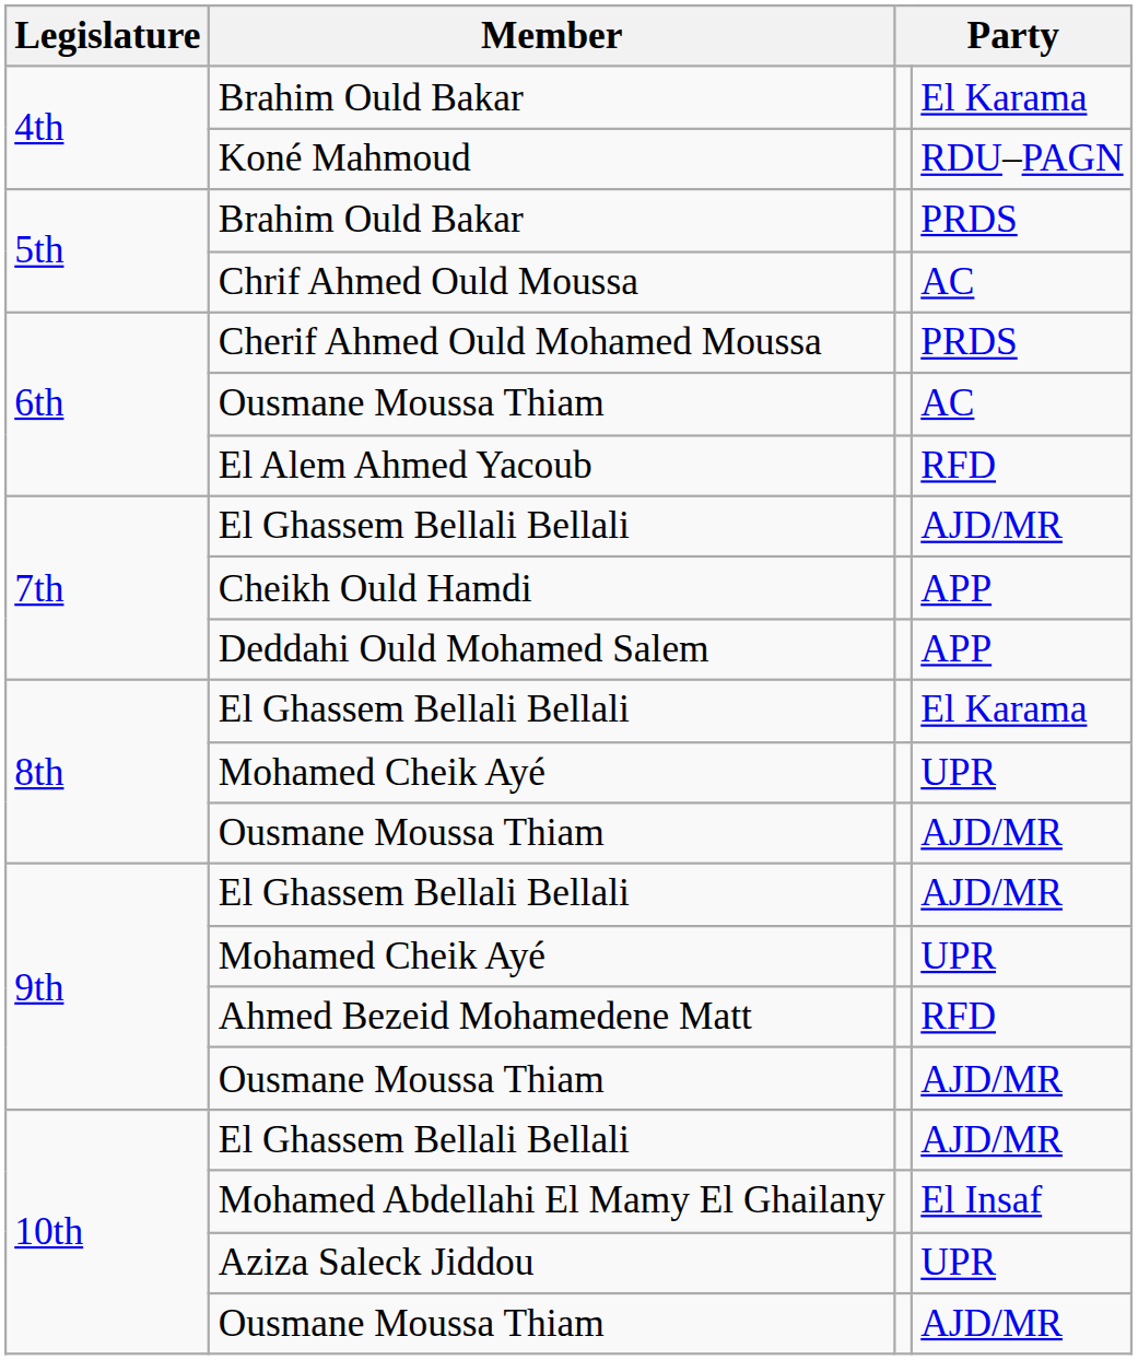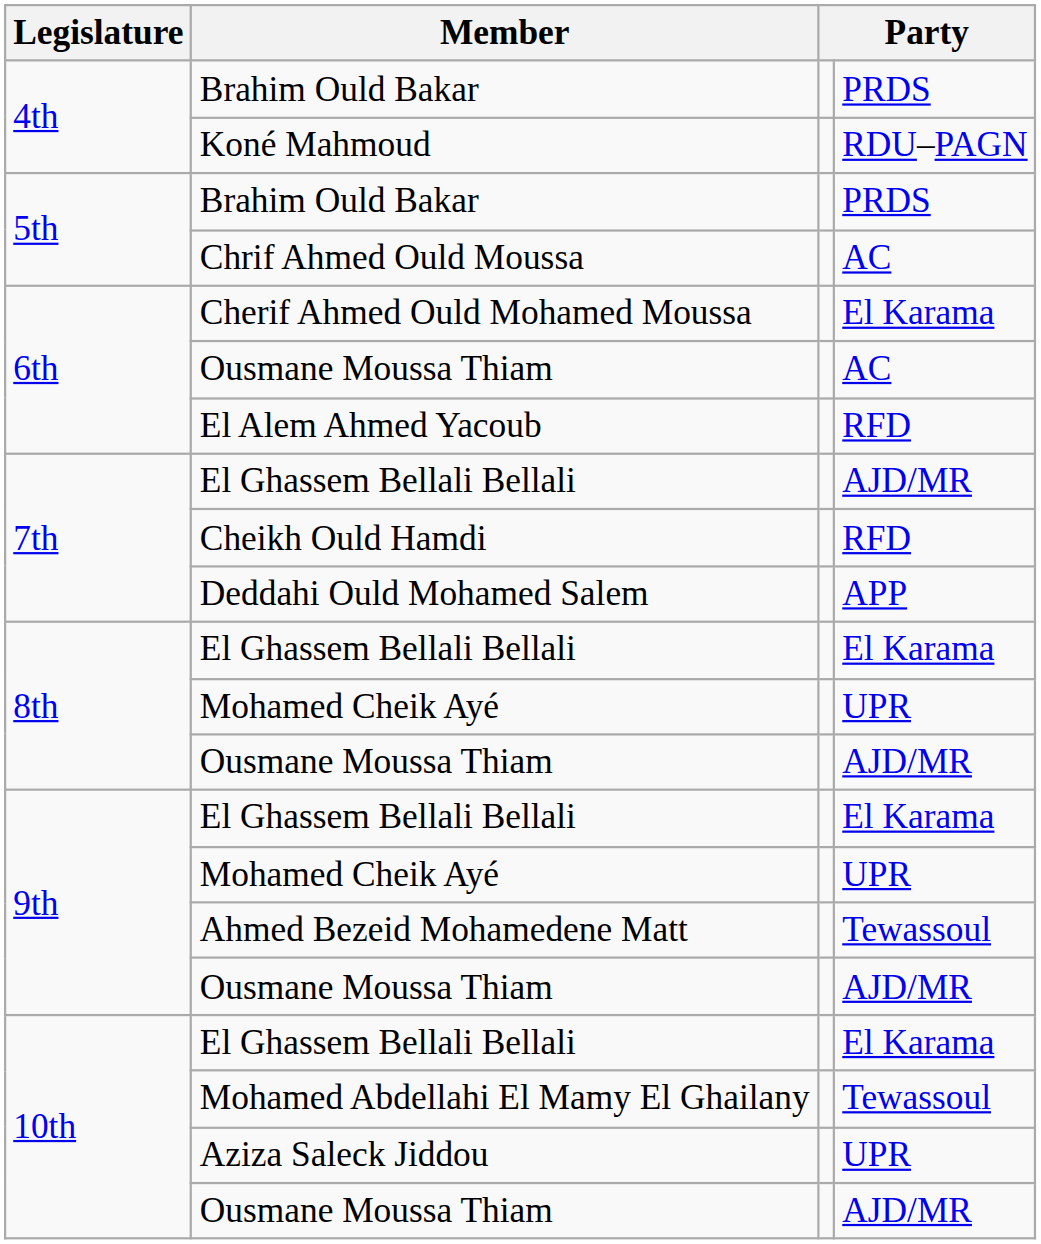 <table class="wikitable">
 <tr>
 <th>Legislature</th>
 <th>Member</th>
 <th colspan=2>Party</th>
 </tr>
 <tr>
 <td rowspan=2><a href='#'>4th</a></td>
 <td>Brahim Ould Bakar</td>
 <td style="color:inherit;background:"></td>
-<td><a href='#'>El Karama</a></td>
+<td><a href='#'>PRDS</a></td>
 </tr>
 <tr>
 <td>Koné Mahmoud</td>
 <td style="color:inherit;background:"></td>
 <td><a href='#'>RDU</a>–<a href='#'>PAGN</a></td>
 </tr>
 <tr>
 <td rowspan=2><a href='#'>5th</a></td>
 <td>Brahim Ould Bakar</td>
 <td style="color:inherit;background:"></td>
 <td><a href='#'>PRDS</a></td>
 </tr>
 <tr>
 <td>Chrif Ahmed Ould Moussa</td>
 <td style="color:inherit;background:"></td>
 <td><a href='#'>AC</a></td>
 </tr>
 <tr>
 <td rowspan=3><a href='#'>6th</a></td>
 <td>Cherif Ahmed Ould Mohamed Moussa</td>
 <td style="color:inherit;background:"></td>
-<td><a href='#'>PRDS</a></td>
+<td><a href='#'>El Karama</a></td>
 </tr>
 <tr>
 <td>Ousmane Moussa Thiam</td>
 <td style="color:inherit;background:"></td>
 <td><a href='#'>AC</a></td>
 </tr>
 <tr>
 <td>El Alem Ahmed Yacoub</td>
 <td style="color:inherit;background:"></td>
 <td><a href='#'>RFD</a></td>
 </tr>
 <tr>
 <td rowspan=3><a href='#'>7th</a></td>
 <td>El Ghassem Bellali Bellali</td>
 <td style="color:inherit;background:"></td>
 <td><a href='#'>AJD/MR</a></td>
 </tr>
 <tr>
 <td>Cheikh Ould Hamdi</td>
 <td style="color:inherit;background:"></td>
-<td><a href='#'>APP</a></td>
+<td><a href='#'>RFD</a></td>
 </tr>
 <tr>
 <td>Deddahi Ould Mohamed Salem</td>
 <td style="color:inherit;background:"></td>
 <td><a href='#'>APP</a></td>
 </tr>
 <tr>
 <td rowspan=3><a href='#'>8th</a></td>
 <td>El Ghassem Bellali Bellali</td>
 <td style="color:inherit;background:"></td>
 <td><a href='#'>El Karama</a></td>
 </tr>
 <tr>
 <td>Mohamed Cheik Ayé</td>
 <td style="color:inherit;background:"></td>
 <td><a href='#'>UPR</a></td>
 </tr>
 <tr>
 <td>Ousmane Moussa Thiam</td>
 <td style="color:inherit;background:"></td>
 <td><a href='#'>AJD/MR</a></td>
 </tr>
 <tr>
 <td rowspan=4><a href='#'>9th</a></td>
 <td>El Ghassem Bellali Bellali</td>
 <td style="color:inherit;background:"></td>
-<td><a href='#'>AJD/MR</a></td>
+<td><a href='#'>El Karama</a></td>
 </tr>
 <tr>
 <td>Mohamed Cheik Ayé</td>
 <td style="color:inherit;background:"></td>
 <td><a href='#'>UPR</a></td>
 </tr>
 <tr>
 <td>Ahmed Bezeid Mohamedene Matt</td>
 <td style="color:inherit;background:"></td>
-<td><a href='#'>RFD</a></td>
+<td><a href='#'>Tewassoul</a></td>
 </tr>
 <tr>
 <td>Ousmane Moussa Thiam</td>
 <td style="color:inherit;background:"></td>
 <td><a href='#'>AJD/MR</a></td>
 </tr>
 <tr>
 <td rowspan=4><a href='#'>10th</a></td>
 <td>El Ghassem Bellali Bellali</td>
 <td style="color:inherit;background:"></td>
-<td><a href='#'>AJD/MR</a></td>
+<td><a href='#'>El Karama</a></td>
 </tr>
 <tr>
 <td>Mohamed Abdellahi El Mamy El Ghailany</td>
 <td style="color:inherit;background:"></td>
-<td><a href='#'>El Insaf</a></td>
+<td><a href='#'>Tewassoul</a></td>
 </tr>
 <tr>
 <td>Aziza Saleck Jiddou</td>
 <td style="color:inherit;background:"></td>
 <td><a href='#'>UPR</a></td>
 </tr>
 <tr>
 <td>Ousmane Moussa Thiam</td>
 <td style="color:inherit;background:"></td>
 <td><a href='#'>AJD/MR</a></td>
 </tr>
 </table>
